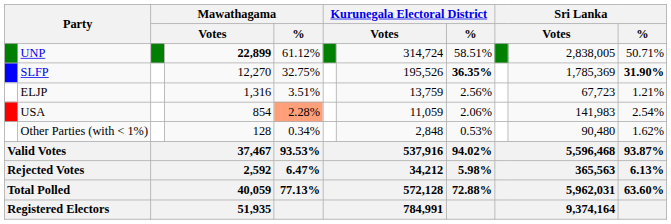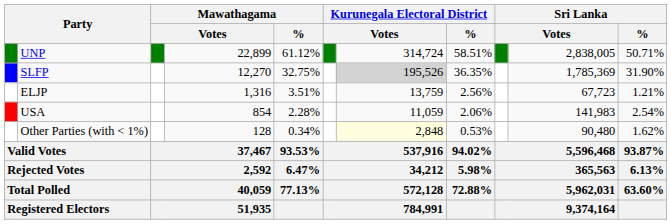 <table class="wikitable">
 <tr>
 <th colspan="2" width="144px"rowspan="2">Party</th>
 <th colspan="3" width="216px">Mawathagama</th>
 <th colspan="3" width="216px"><a href='#'>Kurunegala Electoral District</a></th>
 <th colspan="3" width="216px">Sri Lanka</th>
 </tr>
 <tr>
 <th colspan="2" width="144px">Votes</th>
 <th>%</th>
 <th colspan="2" width="144px">Votes</th>
 <th>%</th>
 <th colspan="2" width="144px">Votes</th>
 <th>%</th>
 </tr>
 <tr>
 <td style="background-color:green;" width="10px"></td>
 <td style="text-align:left;"><a href='#'>UNP</a></td>
 <td style="background-color:green;" width="10px"></td>
-<td style="text-align:right;"><strong>22,899</strong></td>
+<td style="text-align:right;">22,899</td>
 <td style="text-align:right;">61.12%</td>
 <td style="background-color:green;" width="10px"></td>
 <td style="text-align:right;">314,724</td>
 <td style="text-align:right;">58.51%</td>
 <td style="background-color:green;" width="10px"></td>
 <td style="text-align:right;">2,838,005</td>
 <td style="text-align:right;">50.71%</td>
 </tr>
 <tr>
 <td style="background-color:blue;" width="10px"></td>
 <td style="text-align:left;"><a href='#'>SLFP</a></td>
 <td style="background-color:white;" width="10px"></td>
 <td style="text-align:right;">12,270</td>
 <td style="text-align:right;">32.75%</td>
 <td style="background-color:white;" width="10px"></td>
-<td style="text-align:right;">195,526</td>
-<td style="text-align:right;"><strong>36.35%</strong></td>
+<td style="background: lightgrey; text-align:right;">195,526</td>
+<td style="text-align:right;">36.35%</td>
 <td style="background-color:white;" width="10px"></td>
 <td style="text-align:right;">1,785,369</td>
-<td style="text-align:right;"><strong>31.90%</strong></td>
+<td style="text-align:right;">31.90%</td>
 </tr>
 <tr>
 <td style="background-color:white;" width="10px"></td>
 <td style="text-align:left;">ELJP</td>
 <td style="background-color:white;" width="10px"></td>
 <td style="text-align:right;">1,316</td>
 <td style="text-align:right;">3.51%</td>
 <td style="background-color:white;" width="10px"></td>
 <td style="text-align:right;">13,759</td>
 <td style="text-align:right;">2.56%</td>
 <td style="background-color:white;" width="10px"></td>
 <td style="text-align:right;">67,723</td>
 <td style="text-align:right;">1.21%</td>
 </tr>
 <tr>
 <td style="background-color:red;" width="10px"></td>
 <td style="text-align:left;">USA</td>
 <td style="background-color:white;" width="10px"></td>
 <td style="text-align:right;">854</td>
-<td style="background: lightsalmon; text-align:right;">2.28%</td>
+<td style="text-align:right;">2.28%</td>
 <td style="background-color:white;" width="10px"></td>
 <td style="text-align:right;">11,059</td>
 <td style="text-align:right;">2.06%</td>
 <td style="background-color:white;" width="10px"></td>
 <td style="text-align:right;">141,983</td>
 <td style="text-align:right;">2.54%</td>
 </tr>
 <tr>
 <td style="background-color:white;" width="10px"></td>
 <td style="text-align:left;">Other Parties (with < 1%)</td>
 <td style="background-color:white;" width="10px"></td>
 <td style="text-align:right;">128</td>
 <td style="text-align:right;">0.34%</td>
 <td style="background-color:white;" width="10px"></td>
-<td style="text-align:right;">2,848</td>
+<td style="background: lightyellow; text-align:right;">2,848</td>
 <td style="text-align:right;">0.53%</td>
 <td style="background-color:white;" width="10px"></td>
 <td style="text-align:right;">90,480</td>
 <td style="text-align:right;">1.62%</td>
 </tr>
 <tr>
 <th colspan="2" width="144px"style="text-align:left;">Valid Votes</th>
 <th style="text-align:right;"colspan="2" width="144px">37,467</th>
 <th style="text-align:right;">93.53%</th>
 <th style="text-align:right;"colspan="2" width="144px">537,916</th>
 <th style="text-align:right;">94.02%</th>
 <th style="text-align:right;"colspan="2" width="144px">5,596,468</th>
 <th style="text-align:right;">93.87%</th>
 </tr>
 <tr>
 <th colspan="2" width="144px"style="text-align:left;">Rejected Votes</th>
 <th style="text-align:right;"colspan="2" width="144px">2,592</th>
 <th style="text-align:right;">6.47%</th>
 <th style="text-align:right;"colspan="2" width="144px">34,212</th>
 <th style="text-align:right;">5.98%</th>
 <th style="text-align:right;"colspan="2" width="144px">365,563</th>
 <th style="text-align:right;">6.13%</th>
 </tr>
 <tr>
 <th colspan="2" width="144px"style="text-align:left;">Total Polled</th>
 <th style="text-align:right;"colspan="2" width="144px">40,059</th>
 <th style="text-align:right;">77.13%</th>
 <th style="text-align:right;"colspan="2" width="144px">572,128</th>
 <th style="text-align:right;">72.88%</th>
 <th style="text-align:right;"colspan="2" width="144px">5,962,031</th>
 <th style="text-align:right;">63.60%</th>
 </tr>
 <tr>
 <th colspan="2" width="144px"style="text-align:left;">Registered Electors</th>
 <th style="text-align:right;"colspan="2" width="144px">51,935</th>
 <th></th>
 <th style="text-align:right;"colspan="2" width="144px">784,991</th>
 <th></th>
 <th style="text-align:right;"colspan="2" width="144px">9,374,164</th>
 <th></th>
 </tr>
 </table>
